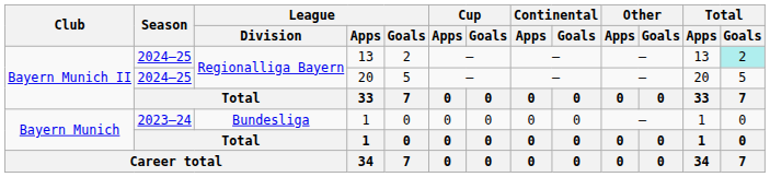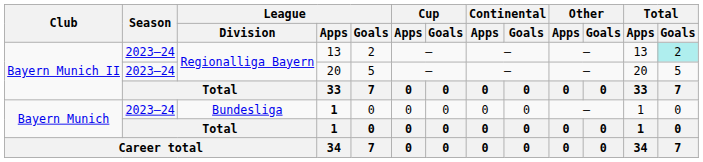 <table class="wikitable" style="text-align: center">
 <tr>
 <th rowspan="2">Club</th>
 <th rowspan="2">Season</th>
 <th colspan="3">League</th>
 <th colspan="2">Cup</th>
 <th colspan="2">Continental</th>
 <th colspan="2">Other</th>
 <th colspan="2">Total</th>
 </tr>
 <tr>
 <th>Division</th>
 <th>Apps</th>
 <th>Goals</th>
 <th>Apps</th>
 <th>Goals</th>
 <th>Apps</th>
 <th>Goals</th>
 <th>Apps</th>
 <th>Goals</th>
 <th>Apps</th>
 <th>Goals</th>
 </tr>
 <tr>
 <td rowspan="3"><a href='#'>Bayern Munich II</a></td>
-<td><a href='#'>2024–25</a></td>
+<td><a href='#'>2023–24</a></td>
 <td rowspan="2"><a href='#'>Regionalliga Bayern</a></td>
 <td>13</td>
 <td>2</td>
 <td colspan="2">–</td>
 <td colspan="2">–</td>
 <td colspan="2">–</td>
 <td>13</td>
 <td style="background: paleturquoise;">2</td>
 </tr>
 <tr>
-<td><a href='#'>2024–25</a></td>
+<td><a href='#'>2023–24</a></td>
 <td>20</td>
 <td>5</td>
 <td colspan="2">–</td>
 <td colspan="2">–</td>
 <td colspan="2">–</td>
 <td>20</td>
 <td>5</td>
 </tr>
 <tr>
 <th colspan=2>Total</th>
 <th>33</th>
 <th>7</th>
 <th>0</th>
 <th>0</th>
 <th>0</th>
 <th>0</th>
 <th>0</th>
 <th>0</th>
 <th>33</th>
 <th>7</th>
 </tr>
 <tr>
 <td rowspan="2"><a href='#'>Bayern Munich</a></td>
 <td><a href='#'>2023–24</a></td>
 <td><a href='#'>Bundesliga</a></td>
-<td>1</td>
+<td><strong>1</strong></td>
 <td>0</td>
 <td>0</td>
 <td>0</td>
 <td>0</td>
 <td>0</td>
 <td colspan="2">–</td>
 <td>1</td>
 <td>0</td>
 </tr>
 <tr>
 <th colspan=2>Total</th>
 <th>1</th>
 <th>0</th>
 <th>0</th>
 <th>0</th>
 <th>0</th>
 <th>0</th>
 <th>0</th>
 <th>0</th>
 <th>1</th>
 <th>0</th>
 </tr>
 <tr>
 <th colspan=3>Career total</th>
 <th>34</th>
 <th>7</th>
 <th>0</th>
 <th>0</th>
 <th>0</th>
 <th>0</th>
 <th>0</th>
 <th>0</th>
 <th>34</th>
 <th>7</th>
 </tr>
 </table>
